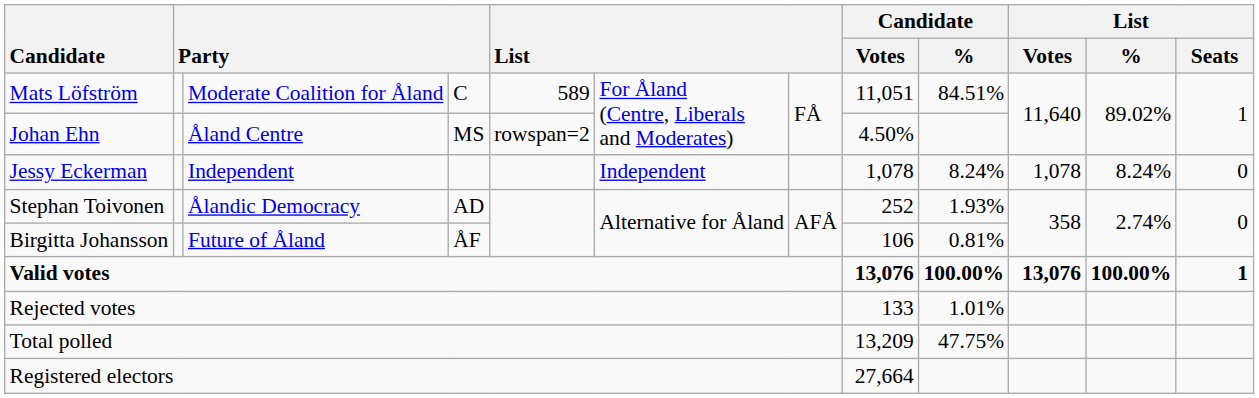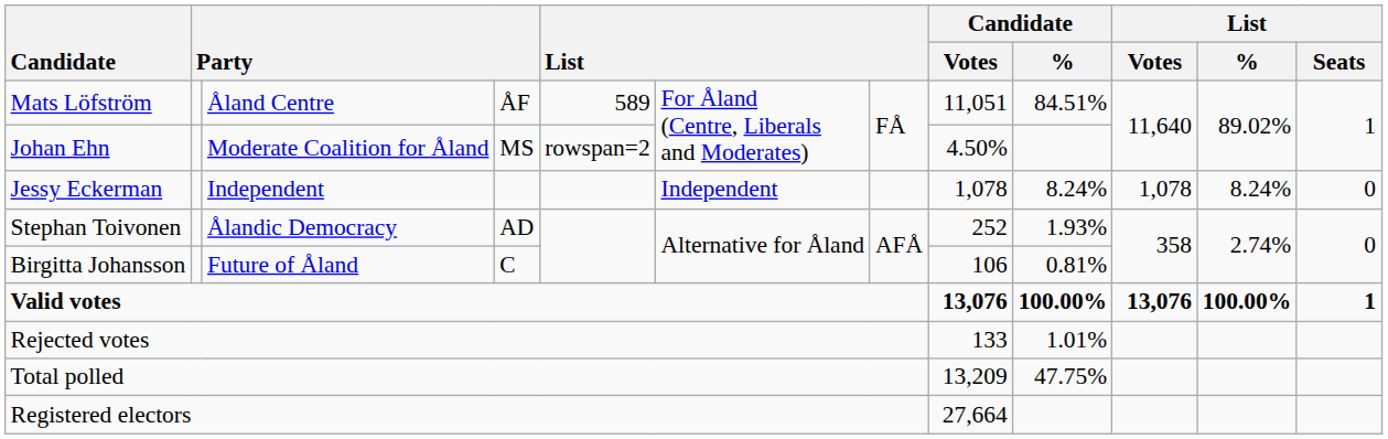 <table class="wikitable" border="1" style="text-align:right;">
 <tr>
 <th ! style="text-align:left;" valign=bottom rowspan=2>Candidate</th>
 <th style="text-align:left;" valign=bottom rowspan=2 colspan=3>Party</th>
 <th style="text-align:left;" valign=bottom rowspan=2 colspan=3>List</th>
 <th colspan=2>Candidate</th>
 <th colspan=3>List</th>
 </tr>
 <tr>
 <th align=center valign=bottom width="50">Votes</th>
 <th align=center valign=bottom width="50">%</th>
 <th align=center valign=bottom width="50">Votes</th>
 <th align=center valign=bottom width="50">%</th>
 <th align=center valign=bottom width="50">Seats</th>
 </tr>
 <tr>
 <td align=left><a href='#'>Mats Löfström</a></td>
 <td></td>
-<td align=left><a href='#'>Moderate Coalition for Åland</a></td>
-<td align=left>C</td>
+<td align=left><a href='#'>Åland Centre</a></td>
+<td align=left>ÅF</td>
 <td>589</td>
 <td rowspan=2 align=left><a href='#'>For Åland</a><br>(<a href='#'>Centre</a>, <a href='#'>Liberals</a><br>and <a href='#'>Moderates</a>)</td>
 <td rowspan=2 align=left>FÅ</td>
 <td>11,051</td>
 <td>84.51%</td>
 <td rowspan=2>11,640</td>
 <td rowspan=2>89.02%</td>
 <td rowspan=2>1</td>
 </tr>
 <tr>
 <td align=left><a href='#'>Johan Ehn</a></td>
 <td></td>
-<td align=left><a href='#'>Åland Centre</a></td>
+<td align=left><a href='#'>Moderate Coalition for Åland</a></td>
 <td align=left>MS</td>
 <td>rowspan=2 </td>
 <td>4.50%</td>
 </tr>
 <tr>
 <td align=left><a href='#'>Jessy Eckerman</a></td>
 <td></td>
 <td align=left><a href='#'>Independent</a></td>
 <td></td>
 <td></td>
 <td align=left><a href='#'>Independent</a></td>
 <td align=left></td>
 <td>1,078</td>
 <td>8.24%</td>
 <td>1,078</td>
 <td>8.24%</td>
 <td>0</td>
 </tr>
 <tr>
 <td align=left>Stephan Toivonen</td>
 <td></td>
 <td align=left><a href='#'>Ålandic Democracy</a></td>
 <td align=left>AD</td>
 <td rowspan=2></td>
 <td rowspan=2 align=left>Alternative for Åland</td>
 <td rowspan=2 align=left>AFÅ</td>
 <td>252</td>
 <td>1.93%</td>
 <td rowspan=2>358</td>
 <td rowspan=2>2.74%</td>
 <td rowspan=2>0</td>
 </tr>
 <tr>
 <td align=left>Birgitta Johansson</td>
 <td></td>
 <td align=left><a href='#'>Future of Åland</a></td>
-<td align=left>ÅF</td>
+<td align=left>C</td>
 <td>106</td>
 <td>0.81%</td>
 </tr>
 <tr style="font-weight:bold">
 <td align=left colspan=7>Valid votes</td>
 <td>13,076</td>
 <td>100.00%</td>
 <td>13,076</td>
 <td>100.00%</td>
 <td>1</td>
 </tr>
 <tr>
 <td align=left colspan=7>Rejected votes</td>
 <td>133</td>
 <td>1.01%</td>
 <td></td>
 <td></td>
 <td></td>
 </tr>
 <tr>
 <td align=left colspan=7>Total polled</td>
 <td>13,209</td>
 <td>47.75%</td>
 <td></td>
 <td></td>
 <td></td>
 </tr>
 <tr>
 <td align=left colspan=7>Registered electors</td>
 <td>27,664</td>
 <td></td>
 <td></td>
 <td></td>
 <td></td>
 </tr>
 </table>
